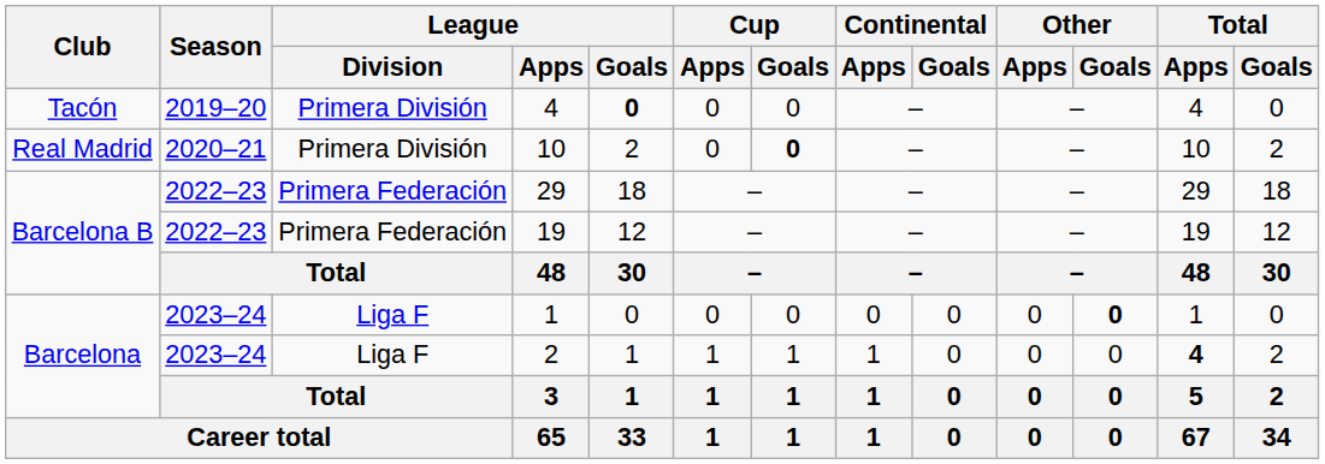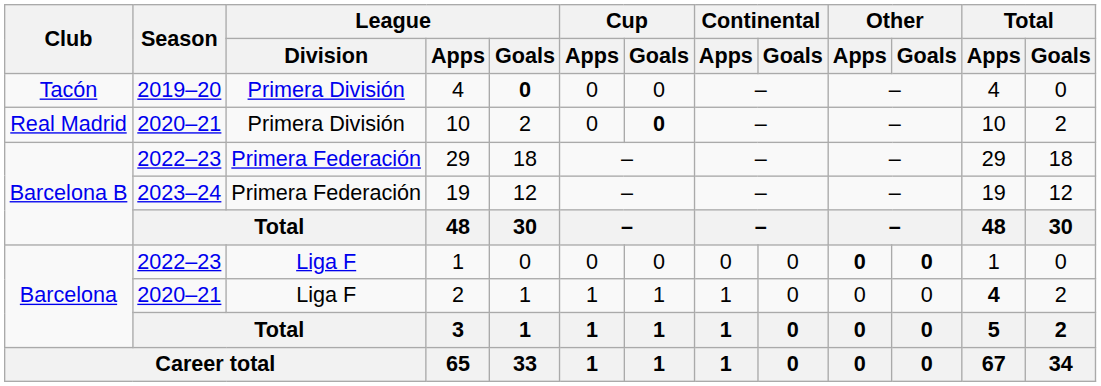 <table class=wikitable style=text-align:center>
 <tr>
 <th rowspan="2">Club</th>
 <th rowspan="2">Season</th>
 <th colspan="3">League</th>
 <th colspan="2">Cup</th>
 <th colspan="2">Continental</th>
 <th colspan="2">Other</th>
 <th colspan="2">Total</th>
 </tr>
 <tr>
 <th>Division</th>
 <th>Apps</th>
 <th>Goals</th>
 <th>Apps</th>
 <th>Goals</th>
 <th>Apps</th>
 <th>Goals</th>
 <th>Apps</th>
 <th>Goals</th>
 <th>Apps</th>
 <th>Goals</th>
 </tr>
 <tr>
 <td><a href='#'>Tacón</a></td>
 <td><a href='#'>2019–20</a></td>
 <td><a href='#'>Primera División</a></td>
 <td>4</td>
 <td><strong>0</strong></td>
 <td>0</td>
 <td>0</td>
 <td colspan="2">–</td>
 <td colspan="2">–</td>
 <td>4</td>
 <td>0</td>
 </tr>
 <tr>
 <td><a href='#'>Real Madrid</a></td>
 <td><a href='#'>2020–21</a></td>
 <td>Primera División</td>
 <td>10</td>
 <td>2</td>
 <td>0</td>
 <td><strong>0</strong></td>
 <td colspan="2">–</td>
 <td colspan="2">–</td>
 <td>10</td>
 <td>2</td>
 </tr>
 <tr>
 <td rowspan="3"><a href='#'>Barcelona B</a></td>
 <td><a href='#'>2022–23</a></td>
 <td><a href='#'>Primera Federación</a></td>
 <td>29</td>
 <td>18</td>
 <td colspan="2">–</td>
 <td colspan="2">–</td>
 <td colspan="2">–</td>
 <td>29</td>
 <td>18</td>
 </tr>
 <tr>
-<td><a href='#'>2022–23</a></td>
+<td><a href='#'>2023–24</a></td>
 <td>Primera Federación</td>
 <td>19</td>
 <td>12</td>
 <td colspan="2">–</td>
 <td colspan="2">–</td>
 <td colspan="2">–</td>
 <td>19</td>
 <td>12</td>
 </tr>
 <tr>
 <th colspan="2">Total</th>
 <th>48</th>
 <th>30</th>
 <th colspan="2">–</th>
 <th colspan="2">–</th>
 <th colspan="2">–</th>
 <th>48</th>
 <th>30</th>
 </tr>
 <tr>
 <td rowspan="3"><a href='#'>Barcelona</a></td>
-<td><a href='#'>2023–24</a></td>
+<td><a href='#'>2022–23</a></td>
 <td><a href='#'>Liga F</a></td>
 <td>1</td>
 <td>0</td>
 <td>0</td>
 <td>0</td>
 <td>0</td>
 <td>0</td>
-<td>0</td>
+<td><strong>0</strong></td>
 <td><strong>0</strong></td>
 <td>1</td>
 <td>0</td>
 </tr>
 <tr>
-<td><a href='#'>2023–24</a></td>
+<td><a href='#'>2020–21</a></td>
 <td>Liga F</td>
 <td>2</td>
 <td>1</td>
 <td>1</td>
 <td>1</td>
 <td>1</td>
 <td>0</td>
 <td>0</td>
 <td>0</td>
 <td><strong>4</strong></td>
 <td>2</td>
 </tr>
 <tr>
 <th colspan="2">Total</th>
 <th>3</th>
 <th>1</th>
 <th>1</th>
 <th>1</th>
 <th>1</th>
 <th>0</th>
 <th>0</th>
 <th>0</th>
 <th>5</th>
 <th>2</th>
 </tr>
 <tr>
 <th colspan="3">Career total</th>
 <th>65</th>
 <th>33</th>
 <th>1</th>
 <th>1</th>
 <th>1</th>
 <th>0</th>
 <th>0</th>
 <th>0</th>
 <th>67</th>
 <th>34</th>
 </tr>
 </table>
